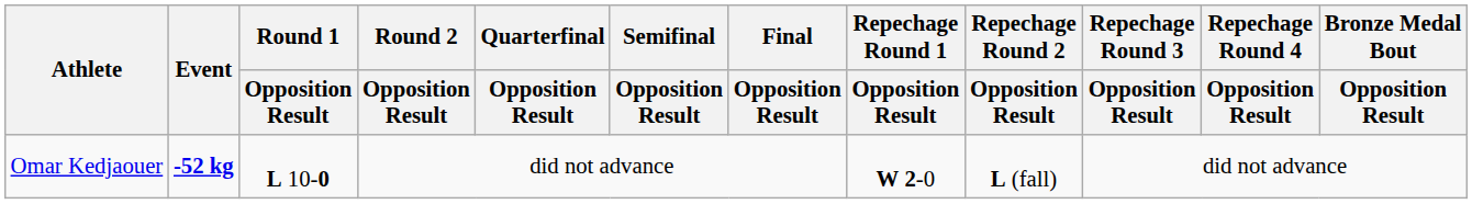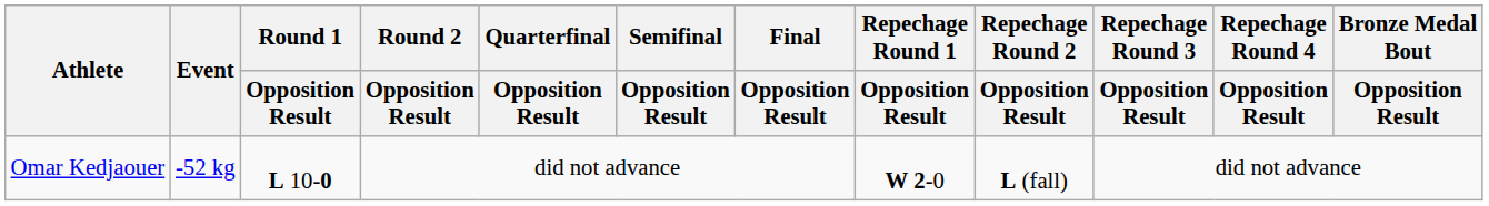 <table class=wikitable style=font-size:90%>
 <tr>
 <th rowspan=2>Athlete</th>
 <th rowspan=2>Event</th>
 <th>Round 1</th>
 <th>Round 2</th>
 <th>Quarterfinal</th>
 <th>Semifinal</th>
 <th>Final</th>
 <th>Repechage<br>Round 1</th>
 <th>Repechage<br>Round 2</th>
 <th>Repechage<br>Round 3</th>
 <th>Repechage<br>Round 4</th>
 <th>Bronze Medal<br>Bout</th>
 </tr>
 <tr>
 <th>Opposition<br>Result</th>
 <th>Opposition<br>Result</th>
 <th>Opposition<br>Result</th>
 <th>Opposition<br>Result</th>
 <th>Opposition<br>Result</th>
 <th>Opposition<br>Result</th>
 <th>Opposition<br>Result</th>
 <th>Opposition<br>Result</th>
 <th>Opposition<br>Result</th>
 <th>Opposition<br>Result</th>
 </tr>
 <tr>
 <td><a href='#'>Omar Kedjaouer</a></td>
-<td><strong><a href='#'>-52 kg</a></strong></td>
+<td><a href='#'>-52 kg</a></td>
 <td align=center><br><strong>L</strong> 10-<strong>0</strong></td>
 <td align=center colspan=4>did not advance</td>
 <td align=center><br><strong>W</strong> <strong>2</strong>-0</td>
 <td align=center><br><strong>L</strong> (fall)</td>
 <td align=center colspan=3>did not advance</td>
 </tr>
 </table>
